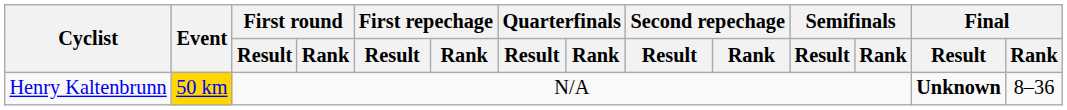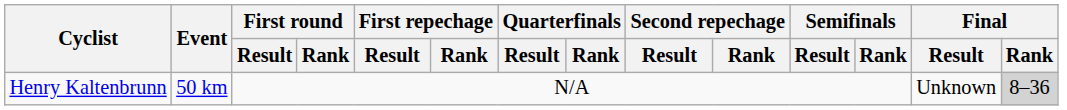 <table class=wikitable style="font-size:90%">
 <tr>
 <th rowspan=2>Cyclist</th>
 <th rowspan=2>Event</th>
 <th colspan=2>First round</th>
 <th colspan=2>First repechage</th>
 <th colspan=2>Quarterfinals</th>
 <th colspan=2>Second repechage</th>
 <th colspan=2>Semifinals</th>
 <th colspan=2>Final</th>
 </tr>
 <tr>
 <th>Result</th>
 <th>Rank</th>
 <th>Result</th>
 <th>Rank</th>
 <th>Result</th>
 <th>Rank</th>
 <th>Result</th>
 <th>Rank</th>
 <th>Result</th>
 <th>Rank</th>
 <th>Result</th>
 <th>Rank</th>
 </tr>
 <tr>
 <td><a href='#'>Henry Kaltenbrunn</a></td>
-<td style="background: gold;"><a href='#'>50 km</a></td>
+<td><a href='#'>50 km</a></td>
 <td align=center colspan=10>N/A</td>
-<td align=center><strong>Unknown</strong></td>
-<td align=center>8–36</td>
+<td align=center>Unknown</td>
+<td align=center style="background: lightgrey;">8–36</td>
 </tr>
 </table>
